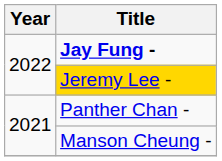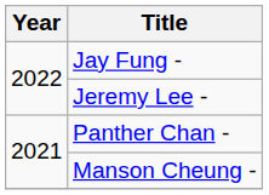 <table class="wikitable plainrowheaders">
 <tr>
 <th scope="col">Year</th>
 <th scope="col">Title</th>
 </tr>
 <tr>
 <td rowspan="2">2022</td>
-<td><strong><a href='#'>Jay Fung</a> - <em></em></strong></td>
+<td><a href='#'>Jay Fung</a> - <em></em></td>
 </tr>
 <tr>
-<td style="background: gold;"><a href='#'>Jeremy Lee</a> - <em></em></td>
+<td><a href='#'>Jeremy Lee</a> - <em></em></td>
 </tr>
 <tr>
 <td rowspan="2">2021</td>
 <td><a href='#'>Panther Chan</a> - <em></em></td>
 </tr>
 <tr>
 <td><a href='#'>Manson Cheung</a> - <em></em></td>
 </tr>
 <tr>
 </tr>
 </table>
